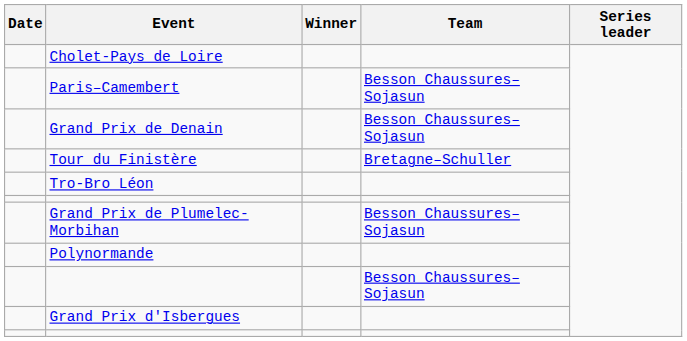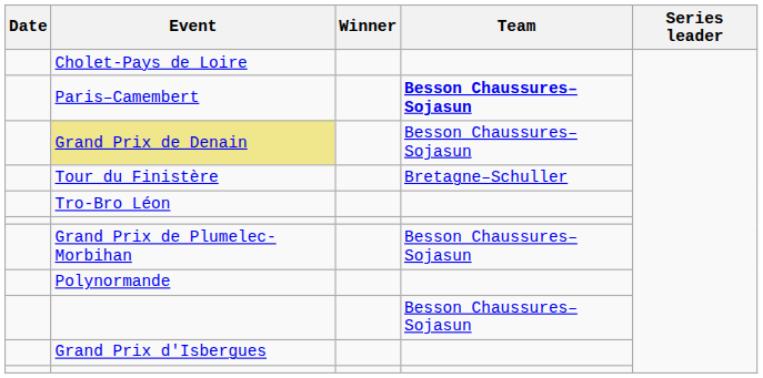 <table class="wikitable sortable">
 <tr>
 <th>Date</th>
 <th>Event</th>
 <th>Winner</th>
 <th>Team</th>
 <th class="unsortable">Series leader</th>
 </tr>
 <tr>
 <td></td>
 <td><a href='#'>Cholet-Pays de Loire</a></td>
 <td></td>
 <td></td>
 <td rowspan="11"></td>
 </tr>
 <tr>
 <td></td>
 <td><a href='#'>Paris–Camembert</a></td>
 <td></td>
-<td><a href='#'>Besson Chaussures–Sojasun</a></td>
+<td><strong><a href='#'>Besson Chaussures–Sojasun</a></strong></td>
 </tr>
 <tr>
 <td></td>
-<td><a href='#'>Grand Prix de Denain</a></td>
+<td style="background: khaki;"><a href='#'>Grand Prix de Denain</a></td>
 <td></td>
 <td><a href='#'>Besson Chaussures–Sojasun</a></td>
 </tr>
 <tr>
 <td></td>
 <td><a href='#'>Tour du Finistère</a></td>
 <td></td>
 <td><a href='#'>Bretagne–Schuller</a></td>
 </tr>
 <tr>
 <td></td>
 <td><a href='#'>Tro-Bro Léon</a></td>
 <td></td>
 <td></td>
 </tr>
 <tr>
 <td></td>
 <td></td>
 <td></td>
 <td></td>
 </tr>
 <tr>
 <td></td>
 <td><a href='#'>Grand Prix de Plumelec-Morbihan</a></td>
 <td></td>
 <td><a href='#'>Besson Chaussures–Sojasun</a></td>
 </tr>
 <tr>
 <td></td>
 <td><a href='#'>Polynormande</a></td>
 <td></td>
 <td></td>
 </tr>
 <tr>
 <td></td>
 <td></td>
 <td></td>
 <td><a href='#'>Besson Chaussures–Sojasun</a></td>
 </tr>
 <tr>
 <td></td>
 <td><a href='#'>Grand Prix d'Isbergues</a></td>
 <td></td>
 <td></td>
 </tr>
 <tr>
 <td></td>
 <td></td>
 <td></td>
 <td></td>
 </tr>
 </table>
